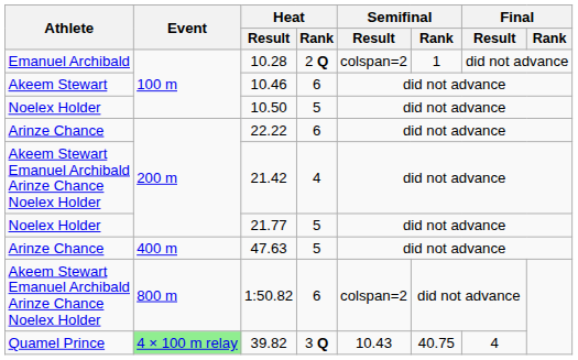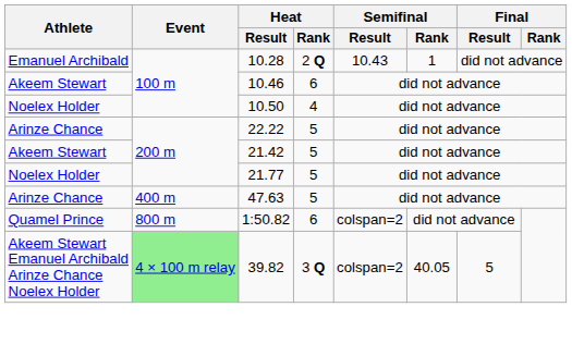 <table class="wikitable" style="font-size:90%; text-align:center">
 <tr>
 <th rowspan=2>Athlete</th>
 <th rowspan=2>Event</th>
 <th colspan=2>Heat</th>
 <th colspan=2>Semifinal</th>
 <th colspan=2>Final</th>
 </tr>
 <tr style="font-size:95%">
 <th>Result</th>
 <th>Rank</th>
 <th>Result</th>
 <th>Rank</th>
 <th>Result</th>
 <th>Rank</th>
 </tr>
 <tr>
 <td align=left><a href='#'>Emanuel Archibald</a></td>
 <td align=left rowspan=3><a href='#'>100 m</a></td>
 <td>10.28</td>
 <td>2 <strong>Q</strong></td>
-<td>colspan=2 </td>
+<td>10.43</td>
 <td>1</td>
 <td colspan=2>did not advance</td>
 </tr>
 <tr>
 <td align=left><a href='#'>Akeem Stewart</a></td>
 <td>10.46</td>
 <td>6</td>
 <td colspan=4>did not advance</td>
 </tr>
 <tr>
 <td align=left><a href='#'>Noelex Holder</a></td>
 <td>10.50</td>
-<td>5</td>
+<td>4</td>
 <td colspan=4>did not advance</td>
 </tr>
 <tr>
 <td align=left><a href='#'>Arinze Chance</a></td>
 <td align=left rowspan=3><a href='#'>200 m</a></td>
 <td>22.22</td>
-<td>6</td>
+<td>5</td>
 <td colspan=4>did not advance</td>
 </tr>
 <tr>
-<td align=left><a href='#'>Akeem Stewart</a><br><a href='#'>Emanuel Archibald</a><br><a href='#'>Arinze Chance</a><br><a href='#'>Noelex Holder</a></td>
+<td align=left><a href='#'>Akeem Stewart</a></td>
 <td>21.42</td>
-<td>4</td>
+<td>5</td>
 <td colspan=4>did not advance</td>
 </tr>
 <tr>
 <td align=left><a href='#'>Noelex Holder</a></td>
 <td>21.77</td>
 <td>5</td>
 <td colspan=4>did not advance</td>
 </tr>
 <tr>
 <td align=left><a href='#'>Arinze Chance</a></td>
 <td align=left><a href='#'>400 m</a></td>
 <td>47.63</td>
 <td>5</td>
 <td colspan=4>did not advance</td>
 </tr>
 <tr>
-<td align=left><a href='#'>Akeem Stewart</a><br><a href='#'>Emanuel Archibald</a><br><a href='#'>Arinze Chance</a><br><a href='#'>Noelex Holder</a></td>
+<td align=left><a href='#'>Quamel Prince</a></td>
 <td align=left><a href='#'>800 m</a></td>
 <td>1:50.82</td>
 <td>6</td>
 <td>colspan=2 </td>
 <td colspan=2>did not advance</td>
 </tr>
 <tr>
-<td align=left><a href='#'>Quamel Prince</a></td>
+<td align=left><a href='#'>Akeem Stewart</a><br><a href='#'>Emanuel Archibald</a><br><a href='#'>Arinze Chance</a><br><a href='#'>Noelex Holder</a></td>
 <td align=left style="background: lightgreen;"><a href='#'>4 × 100 m relay</a></td>
 <td>39.82</td>
 <td>3 <strong>Q</strong></td>
-<td>10.43</td>
-<td>40.75</td>
-<td>4</td>
+<td>colspan=2 </td>
+<td>40.05</td>
+<td>5</td>
 </tr>
 </table>
